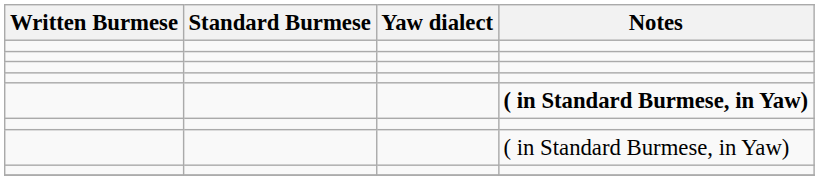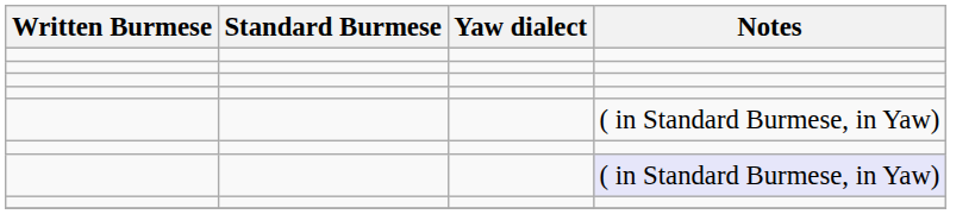 <table class="wikitable">
 <tr>
 <th>Written Burmese</th>
 <th>Standard Burmese</th>
 <th>Yaw dialect</th>
 <th>Notes</th>
 </tr>
 <tr>
 <td></td>
 <td></td>
 <td></td>
 <td></td>
 </tr>
 <tr>
 <td></td>
 <td></td>
 <td></td>
 <td></td>
 </tr>
 <tr>
 <td></td>
 <td></td>
 <td></td>
 <td></td>
 </tr>
 <tr>
 <td> </td>
 <td></td>
 <td></td>
 <td></td>
 </tr>
 <tr>
 <td></td>
 <td></td>
 <td></td>
-<td><strong> ( in Standard Burmese,  in Yaw)</strong></td>
+<td> ( in Standard Burmese,  in Yaw)</td>
 </tr>
 <tr>
 <td> </td>
 <td></td>
 <td></td>
 <td></td>
 </tr>
 <tr>
 <td> </td>
 <td></td>
 <td></td>
-<td> ( in Standard Burmese,  in Yaw)</td>
+<td style="background: lavender;"> ( in Standard Burmese,  in Yaw)</td>
 </tr>
 <tr>
 <td></td>
 <td></td>
 <td></td>
 <td></td>
 </tr>
 <tr>
 </tr>
 </table>
